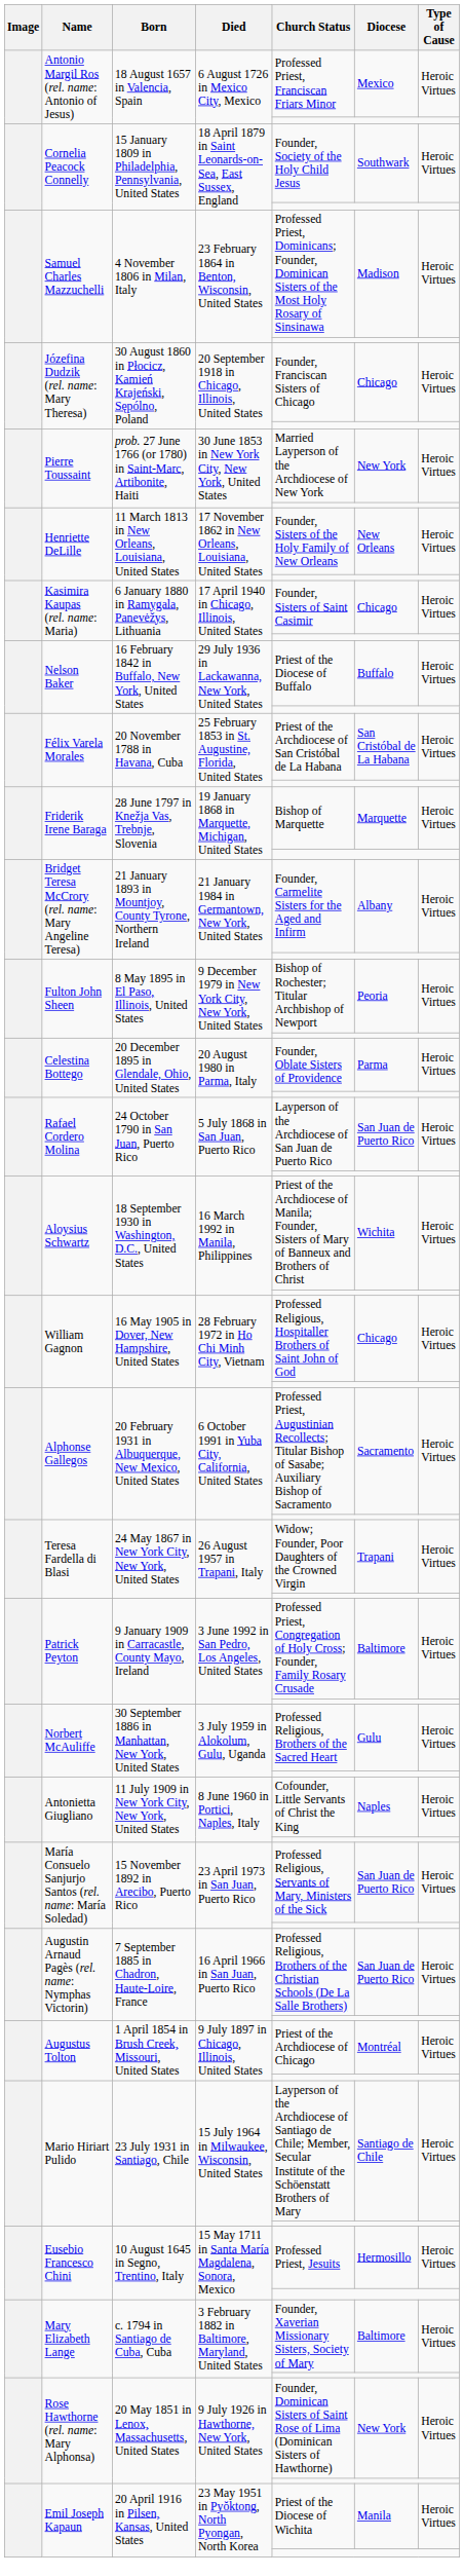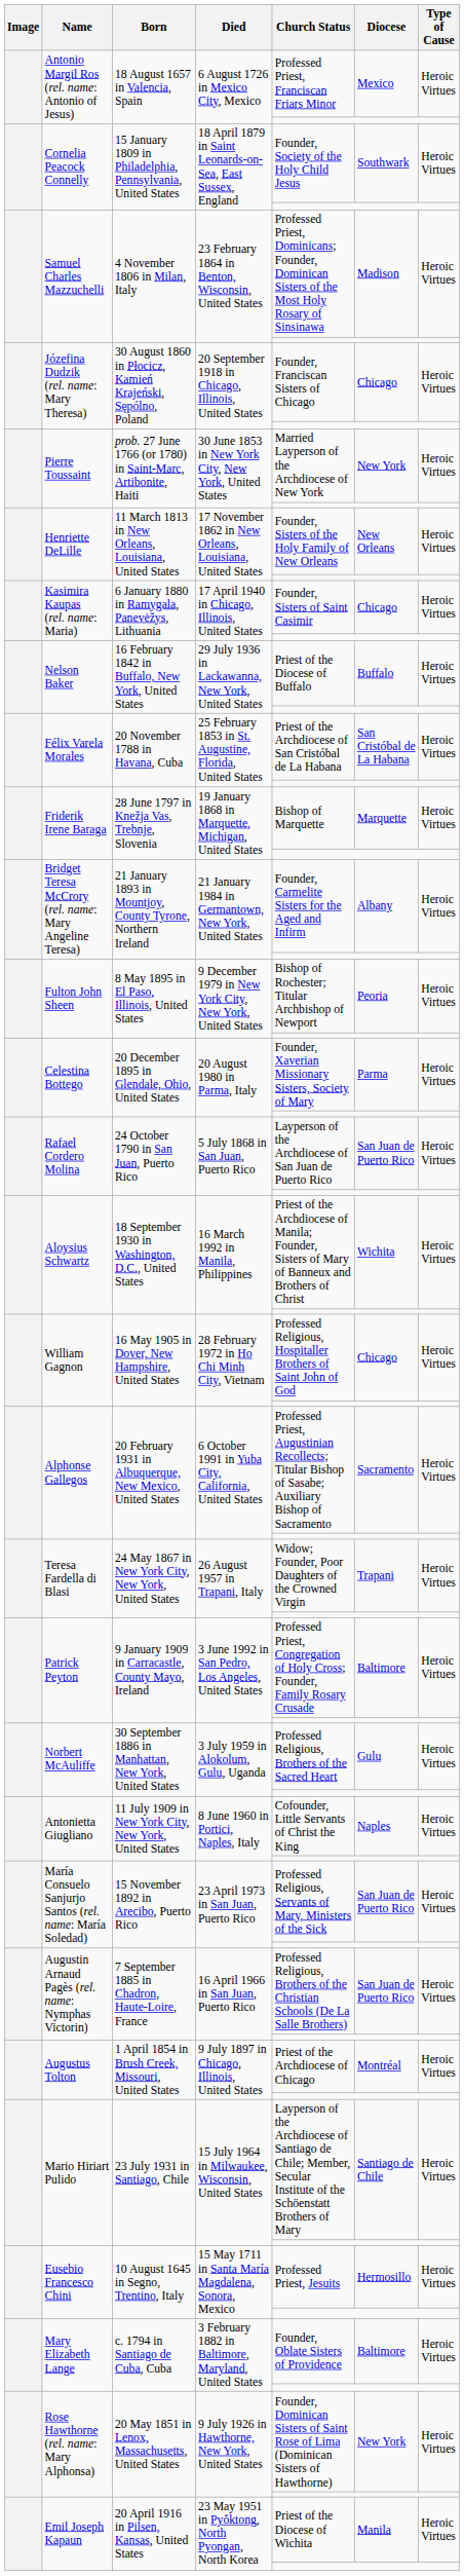 <table class="wikitable">
 <tr>
 <th class="unportable">Image</th>
 <th>Name</th>
 <th>Born</th>
 <th>Died</th>
 <th>Church Status</th>
 <th>Diocese</th>
 <th>Type of Cause</th>
 </tr>
 <tr>
 <th scope="row" rowspan="2"></th>
 <td rowspan="2"><a href='#'>Antonio Margil Ros</a> <br>(<em>rel. name</em>: Antonio of Jesus)</td>
 <td rowspan="2">18 August 1657 in <a href='#'>Valencia</a>, Spain</td>
 <td rowspan="2">6 August 1726 in <a href='#'>Mexico City</a>, Mexico</td>
 <td>Professed Priest, <a href='#'>Franciscan Friars Minor</a></td>
 <td><a href='#'>Mexico</a></td>
 <td>Heroic Virtues</td>
 </tr>
 <tr>
 <td colspan="3"></td>
 </tr>
 <tr>
 <th scope="row" rowspan="2"></th>
 <td rowspan="2"><a href='#'>Cornelia Peacock Connelly</a></td>
 <td rowspan="2">15 January 1809 in <a href='#'>Philadelphia</a>, <a href='#'>Pennsylvania</a>, United States</td>
 <td rowspan="2">18 April 1879 in <a href='#'>Saint Leonards-on-Sea</a>, <a href='#'>East Sussex</a>, England</td>
 <td>Founder, <a href='#'>Society of the Holy Child Jesus</a></td>
 <td><a href='#'>Southwark</a></td>
 <td>Heroic Virtues</td>
 </tr>
 <tr>
 <td colspan="3"></td>
 </tr>
 <tr>
 <th scope="row" rowspan="2"></th>
 <td rowspan="2"><a href='#'>Samuel Charles Mazzuchelli</a></td>
 <td rowspan="2">4 November 1806 in <a href='#'>Milan</a>, Italy</td>
 <td rowspan="2">23 February 1864 in <a href='#'>Benton, Wisconsin</a>, United States</td>
 <td>Professed Priest, <a href='#'>Dominicans</a>; <br>Founder, <a href='#'>Dominican Sisters of the Most Holy Rosary of Sinsinawa</a></td>
 <td><a href='#'>Madison</a></td>
 <td>Heroic Virtues</td>
 </tr>
 <tr>
 <td colspan="3"></td>
 </tr>
 <tr>
 <th scope="row" rowspan="2"></th>
 <td rowspan="2"><a href='#'>Józefina Dudzik</a> <br>(<em>rel. name</em>: Mary Theresa)</td>
 <td rowspan="2">30 August 1860 in <a href='#'>Płocicz</a>, <a href='#'>Kamień Krajeński</a>, <a href='#'>Sępólno</a>, Poland</td>
 <td rowspan="2">20 September 1918 in <a href='#'>Chicago</a>, <a href='#'>Illinois</a>, United States</td>
 <td>Founder, Franciscan Sisters of Chicago</td>
 <td><a href='#'>Chicago</a></td>
 <td>Heroic Virtues</td>
 </tr>
 <tr>
 <td colspan="3"></td>
 </tr>
 <tr>
 <th scope="row" rowspan="2"></th>
 <td rowspan="2"><a href='#'>Pierre Toussaint</a></td>
 <td rowspan="2"><em>prob.</em> 27 June 1766 (or 1780) in <a href='#'>Saint-Marc</a>, <a href='#'>Artibonite</a>, Haiti</td>
 <td rowspan="2">30 June 1853 in <a href='#'>New York City</a>, <a href='#'>New York</a>, United States</td>
 <td>Married Layperson of the Archdiocese of New York</td>
 <td><a href='#'>New York</a></td>
 <td>Heroic Virtues</td>
 </tr>
 <tr>
 <td colspan="3"></td>
 </tr>
 <tr>
 <th scope="row" rowspan="2"></th>
 <td rowspan="2"><a href='#'>Henriette DeLille</a></td>
 <td rowspan="2">11 March 1813 in <a href='#'>New Orleans</a>, <a href='#'>Louisiana</a>, United States</td>
 <td rowspan="2">17 November 1862 in <a href='#'>New Orleans</a>, <a href='#'>Louisiana</a>, United States</td>
 <td>Founder, <a href='#'>Sisters of the Holy Family of New Orleans</a></td>
 <td><a href='#'>New Orleans</a></td>
 <td>Heroic Virtues</td>
 </tr>
 <tr>
 <td colspan="3"></td>
 </tr>
 <tr>
 <th scope="row" rowspan="2"></th>
 <td rowspan="2"><a href='#'>Kasimira Kaupas</a> <br>(<em>rel. name</em>: Maria)</td>
 <td rowspan="2">6 January 1880 in <a href='#'>Ramygala</a>, <a href='#'>Panevėžys</a>, Lithuania</td>
 <td rowspan="2">17 April 1940 in <a href='#'>Chicago</a>, <a href='#'>Illinois</a>, United States</td>
 <td>Founder, <a href='#'>Sisters of Saint Casimir</a></td>
 <td><a href='#'>Chicago</a></td>
 <td>Heroic Virtues</td>
 </tr>
 <tr>
 <td colspan="3"></td>
 </tr>
 <tr>
 <th scope="row" rowspan="2"></th>
 <td rowspan="2"><a href='#'>Nelson Baker</a></td>
 <td rowspan="2">16 February 1842 in <a href='#'>Buffalo, New York</a>, United States</td>
 <td rowspan="2">29 July 1936 in <a href='#'>Lackawanna, New York</a>, United States</td>
 <td>Priest of the Diocese of Buffalo</td>
 <td><a href='#'>Buffalo</a></td>
 <td>Heroic Virtues</td>
 </tr>
 <tr>
 <td colspan="3"></td>
 </tr>
 <tr>
 <th scope="row" rowspan="2"></th>
 <td rowspan="2"><a href='#'>Félix Varela Morales</a></td>
 <td rowspan="2">20 November 1788 in <a href='#'>Havana</a>, Cuba</td>
 <td rowspan="2">25 February 1853 in <a href='#'>St. Augustine, Florida</a>, United States</td>
 <td>Priest of the Archdiocese of San Cristóbal de La Habana</td>
 <td><a href='#'>San Cristóbal de La Habana</a></td>
 <td>Heroic Virtues</td>
 </tr>
 <tr>
 <td colspan="3"></td>
 </tr>
 <tr>
 <th scope="row" rowspan="2"></th>
 <td rowspan="2"><a href='#'>Friderik Irene Baraga</a></td>
 <td rowspan="2">28 June 1797 in <a href='#'>Knežja Vas</a>, <a href='#'>Trebnje</a>, Slovenia</td>
 <td rowspan="2">19 January 1868 in <a href='#'>Marquette, Michigan</a>, United States</td>
 <td>Bishop of Marquette</td>
 <td><a href='#'>Marquette</a></td>
 <td>Heroic Virtues</td>
 </tr>
 <tr>
 <td colspan="3"></td>
 </tr>
 <tr>
 <th scope="row" rowspan="2"></th>
 <td rowspan="2"><a href='#'>Bridget Teresa McCrory</a> <br>(<em>rel. name</em>: Mary Angeline Teresa)</td>
 <td rowspan="2">21 January 1893 in <a href='#'>Mountjoy</a>, <a href='#'>County Tyrone</a>, Northern Ireland</td>
 <td rowspan="2">21 January 1984 in <a href='#'>Germantown, New York</a>, United States</td>
 <td>Founder, <a href='#'>Carmelite Sisters for the Aged and Infirm</a></td>
 <td><a href='#'>Albany</a></td>
 <td>Heroic Virtues</td>
 </tr>
 <tr>
 <td colspan="3"></td>
 </tr>
 <tr>
 <th scope="row" rowspan="2"></th>
 <td rowspan="2"><a href='#'>Fulton John Sheen</a></td>
 <td rowspan="2">8 May 1895 in <a href='#'>El Paso, Illinois</a>, United States</td>
 <td rowspan="2">9 December 1979 in <a href='#'>New York City</a>, <a href='#'>New York</a>, United States</td>
 <td>Bishop of Rochester; <br>Titular Archbishop of Newport</td>
 <td><a href='#'>Peoria</a></td>
 <td>Heroic Virtues</td>
 </tr>
 <tr>
 <td colspan="3"></td>
 </tr>
 <tr>
 <th scope="row" rowspan="2"></th>
 <td rowspan="2"><a href='#'>Celestina Bottego</a></td>
 <td rowspan="2">20 December 1895 in <a href='#'>Glendale, Ohio</a>, United States</td>
 <td rowspan="2">20 August 1980 in <a href='#'>Parma</a>, Italy</td>
-<td>Founder, <a href='#'>Oblate Sisters of Providence</a></td>
+<td>Founder, <a href='#'>Xaverian Missionary Sisters, Society of Mary</a></td>
 <td><a href='#'>Parma</a></td>
 <td>Heroic Virtues</td>
 </tr>
 <tr>
 <td colspan="3"></td>
 </tr>
 <tr>
 <th scope="row" rowspan="2"></th>
 <td rowspan="2"><a href='#'>Rafael Cordero Molina</a></td>
 <td rowspan="2">24 October 1790 in <a href='#'>San Juan</a>, Puerto Rico</td>
 <td rowspan="2">5 July 1868 in <a href='#'>San Juan</a>, Puerto Rico</td>
 <td>Layperson of the Archdiocese of San Juan de Puerto Rico</td>
 <td><a href='#'>San Juan de Puerto Rico</a></td>
 <td>Heroic Virtues</td>
 </tr>
 <tr>
 <td colspan="3"></td>
 </tr>
 <tr>
 <th scope="row" rowspan="2"></th>
 <td rowspan="2"><a href='#'>Aloysius Schwartz</a></td>
 <td rowspan="2">18 September 1930 in <a href='#'>Washington, D.C.</a>, United States</td>
 <td rowspan="2">16 March 1992 in <a href='#'>Manila</a>, Philippines</td>
 <td>Priest of the Archdiocese of Manila; <br>Founder, Sisters of Mary of Banneux and Brothers of Christ</td>
 <td><a href='#'>Wichita</a></td>
 <td>Heroic Virtues</td>
 </tr>
 <tr>
 <td colspan="3"></td>
 </tr>
 <tr>
 <th scope="row" rowspan="2"></th>
 <td rowspan="2">William Gagnon</td>
 <td rowspan="2">16 May 1905 in <a href='#'>Dover, New Hampshire</a>, United States</td>
 <td rowspan="2">28 February 1972 in <a href='#'>Ho Chi Minh City</a>, Vietnam</td>
 <td>Professed Religious, <a href='#'>Hospitaller Brothers of Saint John of God</a></td>
 <td><a href='#'>Chicago</a></td>
 <td>Heroic Virtues</td>
 </tr>
 <tr>
 <td colspan="3"></td>
 </tr>
 <tr>
 <th scope="row" rowspan="2"></th>
 <td rowspan="2"><a href='#'>Alphonse Gallegos</a></td>
 <td rowspan="2">20 February 1931 in <a href='#'>Albuquerque, New Mexico</a>, United States</td>
 <td rowspan="2">6 October 1991 in <a href='#'>Yuba City, California</a>, United States</td>
 <td>Professed Priest, <a href='#'>Augustinian Recollects</a>; <br>Titular Bishop of Sasabe; <br>Auxiliary Bishop of Sacramento</td>
 <td><a href='#'>Sacramento</a></td>
 <td>Heroic Virtues</td>
 </tr>
 <tr>
 <td colspan="3"></td>
 </tr>
 <tr>
 <th scope="row" rowspan="2"></th>
 <td rowspan="2">Teresa Fardella di Blasi</td>
 <td rowspan="2">24 May 1867 in <a href='#'>New York City</a>, <a href='#'>New York</a>, United States</td>
 <td rowspan="2">26 August 1957 in <a href='#'>Trapani</a>, Italy</td>
 <td>Widow; Founder, Poor Daughters of the Crowned Virgin</td>
 <td><a href='#'>Trapani</a></td>
 <td>Heroic Virtues</td>
 </tr>
 <tr>
 <td colspan="3"></td>
 </tr>
 <tr>
 <th scope="row" rowspan="2"></th>
 <td rowspan="2"><a href='#'>Patrick Peyton</a></td>
 <td rowspan="2">9 January 1909 in <a href='#'>Carracastle</a>, <a href='#'>County Mayo</a>, Ireland</td>
 <td rowspan="2">3 June 1992 in <a href='#'>San Pedro, Los Angeles</a>, United States</td>
 <td>Professed Priest, <a href='#'>Congregation of Holy Cross</a>; <br>Founder, <a href='#'>Family Rosary Crusade</a></td>
 <td><a href='#'>Baltimore</a></td>
 <td>Heroic Virtues</td>
 </tr>
 <tr>
 <td colspan="3"></td>
 </tr>
 <tr>
 <th scope="row" rowspan="2"></th>
 <td rowspan="2"><a href='#'>Norbert McAuliffe</a></td>
 <td rowspan="2">30 September 1886 in <a href='#'>Manhattan</a>, <a href='#'>New York</a>, United States</td>
 <td rowspan="2">3 July 1959 in <a href='#'>Alokolum</a>, <a href='#'>Gulu</a>, Uganda</td>
 <td>Professed Religious, <a href='#'>Brothers of the Sacred Heart</a></td>
 <td><a href='#'>Gulu</a></td>
 <td>Heroic Virtues</td>
 </tr>
 <tr>
 <td colspan="3"></td>
 </tr>
 <tr>
 <th scope="row" rowspan="2"></th>
 <td rowspan="2">Antonietta Giugliano</td>
 <td rowspan="2">11 July 1909 in <a href='#'>New York City</a>, <a href='#'>New York</a>, United States</td>
 <td rowspan="2">8 June 1960 in <a href='#'>Portici</a>, <a href='#'>Naples</a>, Italy</td>
 <td>Cofounder, Little Servants of Christ the King</td>
 <td><a href='#'>Naples</a></td>
 <td>Heroic Virtues</td>
 </tr>
 <tr>
 <td colspan="3"></td>
 </tr>
 <tr>
 <th scope="row" rowspan="2"></th>
 <td rowspan="2">María Consuelo Sanjurjo Santos (<em>rel. name</em>: María Soledad)</td>
 <td rowspan="2">15 November 1892 in <a href='#'>Arecibo</a>, Puerto Rico</td>
 <td rowspan="2">23 April 1973 in <a href='#'>San Juan</a>, Puerto Rico</td>
 <td>Professed Religious, <a href='#'>Servants of Mary, Ministers of the Sick</a></td>
 <td><a href='#'>San Juan de Puerto Rico</a></td>
 <td>Heroic Virtues</td>
 </tr>
 <tr>
 <td colspan="3"></td>
 </tr>
 <tr>
 <th scope="row" rowspan="2"></th>
 <td rowspan="2">Augustin Arnaud Pagès (<em>rel. name</em>: Nymphas Victorin)</td>
 <td rowspan="2">7 September 1885 in <a href='#'>Chadron</a>, <a href='#'>Haute-Loire</a>, France</td>
 <td rowspan="2">16 April 1966 in <a href='#'>San Juan</a>, Puerto Rico</td>
 <td>Professed Religious, <a href='#'>Brothers of the Christian Schools (De La Salle Brothers)</a></td>
 <td><a href='#'>San Juan de Puerto Rico</a></td>
 <td>Heroic Virtues</td>
 </tr>
 <tr>
 <td colspan="3"></td>
 </tr>
 <tr>
 <th scope="row" rowspan="2"></th>
 <td rowspan="2"><a href='#'>Augustus Tolton</a></td>
 <td rowspan="2">1 April 1854 in <a href='#'>Brush Creek, Missouri</a>, United States</td>
 <td rowspan="2">9 July 1897 in <a href='#'>Chicago</a>, <a href='#'>Illinois</a>, United States</td>
 <td>Priest of the Archdiocese of Chicago</td>
 <td><a href='#'>Montréal</a></td>
 <td>Heroic Virtues</td>
 </tr>
 <tr>
 <td colspan="3"></td>
 </tr>
 <tr>
 <th scope="row" rowspan="2"></th>
 <td rowspan="2">Mario Hiriart Pulido</td>
 <td rowspan="2">23 July 1931 in <a href='#'>Santiago</a>, Chile</td>
 <td rowspan="2">15 July 1964 in <a href='#'>Milwaukee</a>, <a href='#'>Wisconsin</a>, United States</td>
 <td>Layperson of the Archdiocese of Santiago de Chile; Member, Secular Institute of the Schöenstatt Brothers of Mary</td>
 <td><a href='#'>Santiago de Chile</a></td>
 <td>Heroic Virtues</td>
 </tr>
 <tr>
 <td colspan="3"></td>
 </tr>
 <tr>
 <th scope="row" rowspan="2"></th>
 <td rowspan="2"><a href='#'>Eusebio Francesco Chini</a></td>
 <td rowspan="2">10 August 1645 in Segno, <a href='#'>Trentino</a>, Italy</td>
 <td rowspan="2">15 May 1711 in <a href='#'>Santa María Magdalena</a>, <a href='#'>Sonora</a>, Mexico</td>
 <td>Professed Priest, <a href='#'>Jesuits</a></td>
 <td><a href='#'>Hermosillo</a></td>
 <td>Heroic Virtues</td>
 </tr>
 <tr>
 <td colspan="3"></td>
 </tr>
 <tr>
 <th scope="row" rowspan="2"></th>
 <td rowspan="2"><a href='#'>Mary Elizabeth Lange</a></td>
 <td rowspan="2">c. 1794 in <a href='#'>Santiago de Cuba</a>, Cuba</td>
 <td rowspan="2">3 February 1882 in <a href='#'>Baltimore</a>, <a href='#'>Maryland</a>, United States</td>
-<td>Founder, <a href='#'>Xaverian Missionary Sisters, Society of Mary</a></td>
+<td>Founder, <a href='#'>Oblate Sisters of Providence</a></td>
 <td><a href='#'>Baltimore</a></td>
 <td>Heroic Virtues</td>
 </tr>
 <tr>
 <td colspan="3"></td>
 </tr>
 <tr>
 <th scope="row" rowspan="2"></th>
 <td rowspan="2"><a href='#'>Rose Hawthorne</a> (<em>rel. name</em>: Mary Alphonsa)</td>
 <td rowspan="2">20 May 1851 in <a href='#'>Lenox, Massachusetts</a>, United States</td>
 <td rowspan="2">9 July 1926 in <a href='#'>Hawthorne, New York</a>, United States</td>
 <td>Founder, <a href='#'>Dominican Sisters of Saint Rose of Lima</a> (Dominican Sisters of Hawthorne)</td>
 <td><a href='#'>New York</a></td>
 <td>Heroic Virtues</td>
 </tr>
 <tr>
 <td colspan="3"></td>
 </tr>
 <tr>
 <th rowspan="2"></th>
 <td rowspan="2"><a href='#'>Emil Joseph Kapaun</a></td>
 <td rowspan="2">20 April 1916 in <a href='#'>Pilsen, Kansas</a>, United States</td>
 <td rowspan="2">23 May 1951 in <a href='#'>Pyŏktong</a>, <a href='#'>North Pyongan</a>, North Korea</td>
 <td>Priest of the Diocese of Wichita</td>
 <td><a href='#'>Manila</a></td>
 <td>Heroic Virtues</td>
 </tr>
 <tr>
 <td colspan="3"></td>
 </tr>
 </table>
